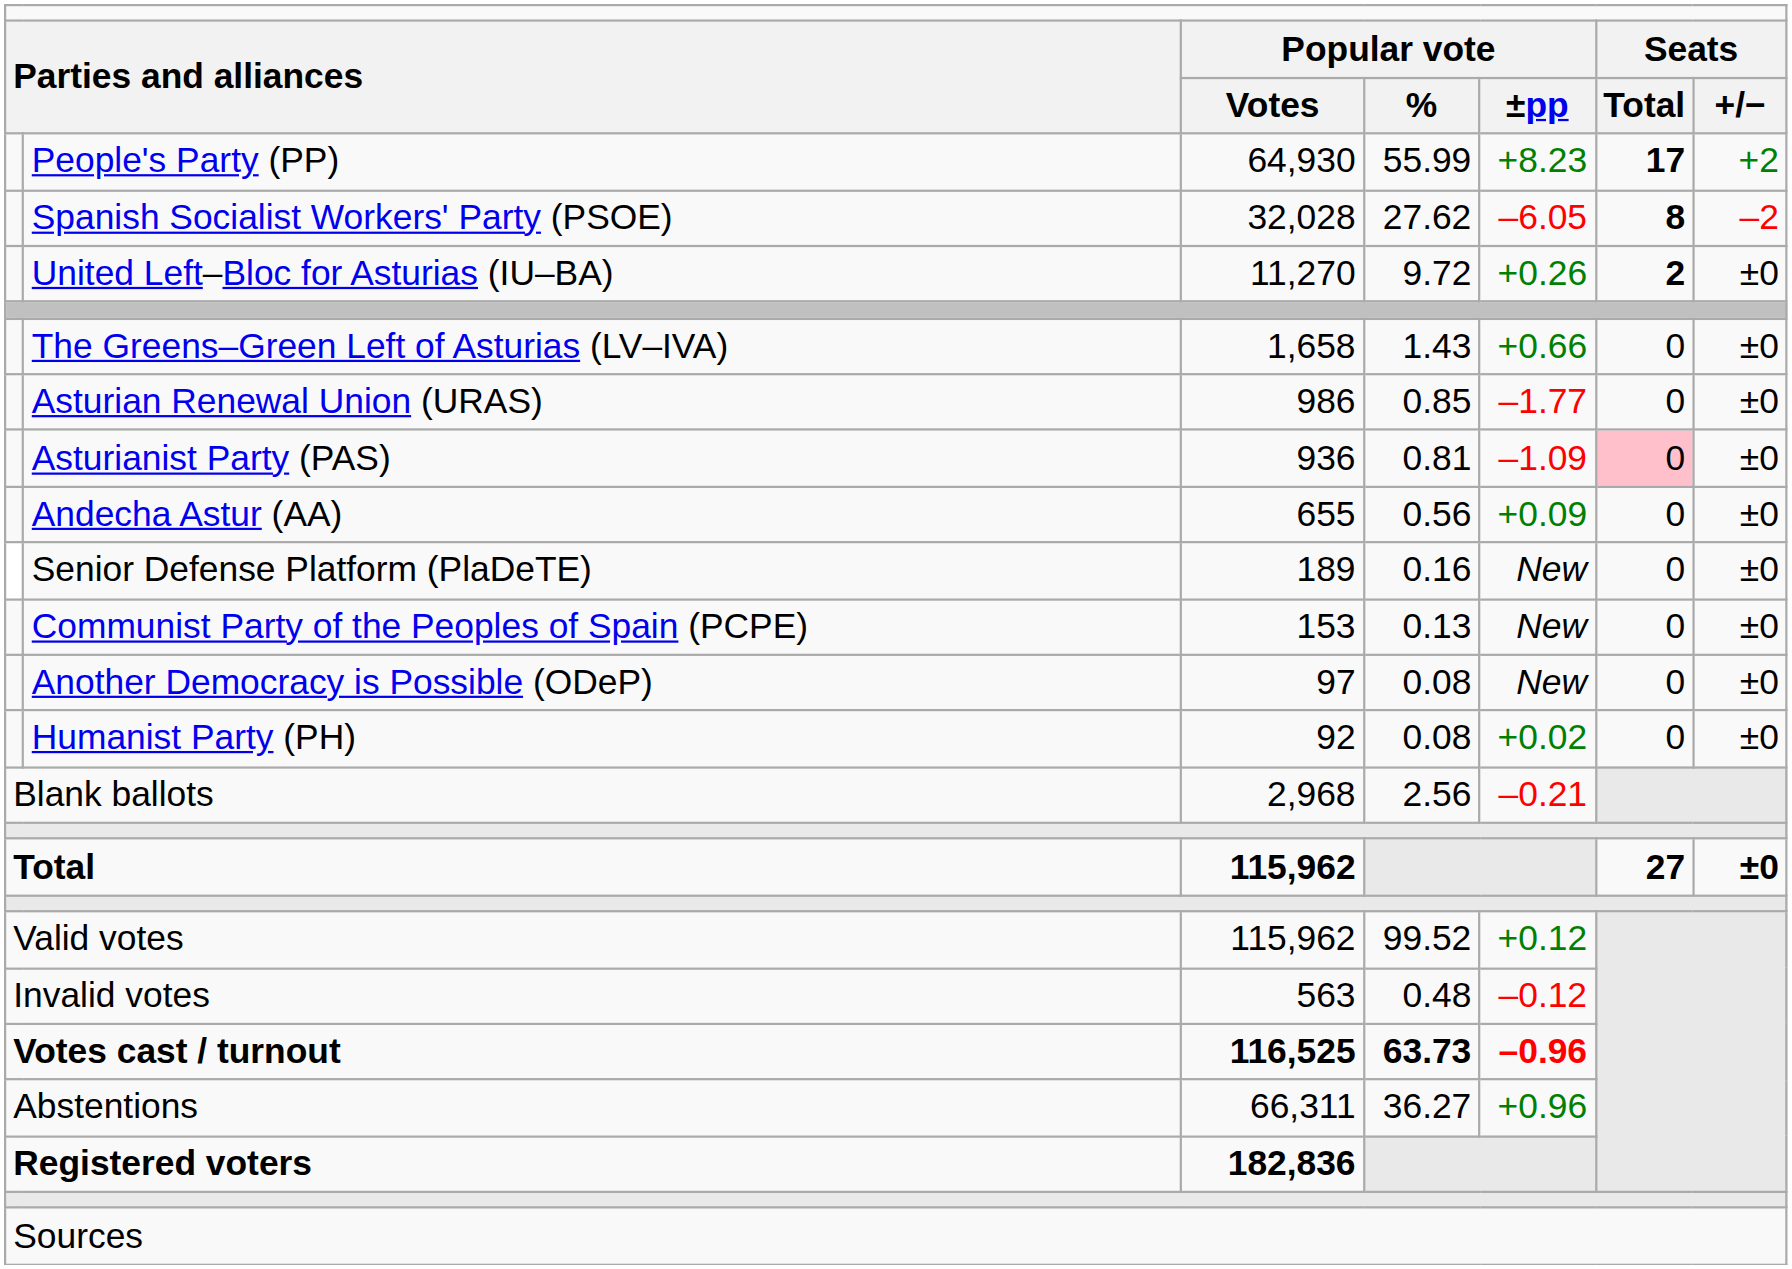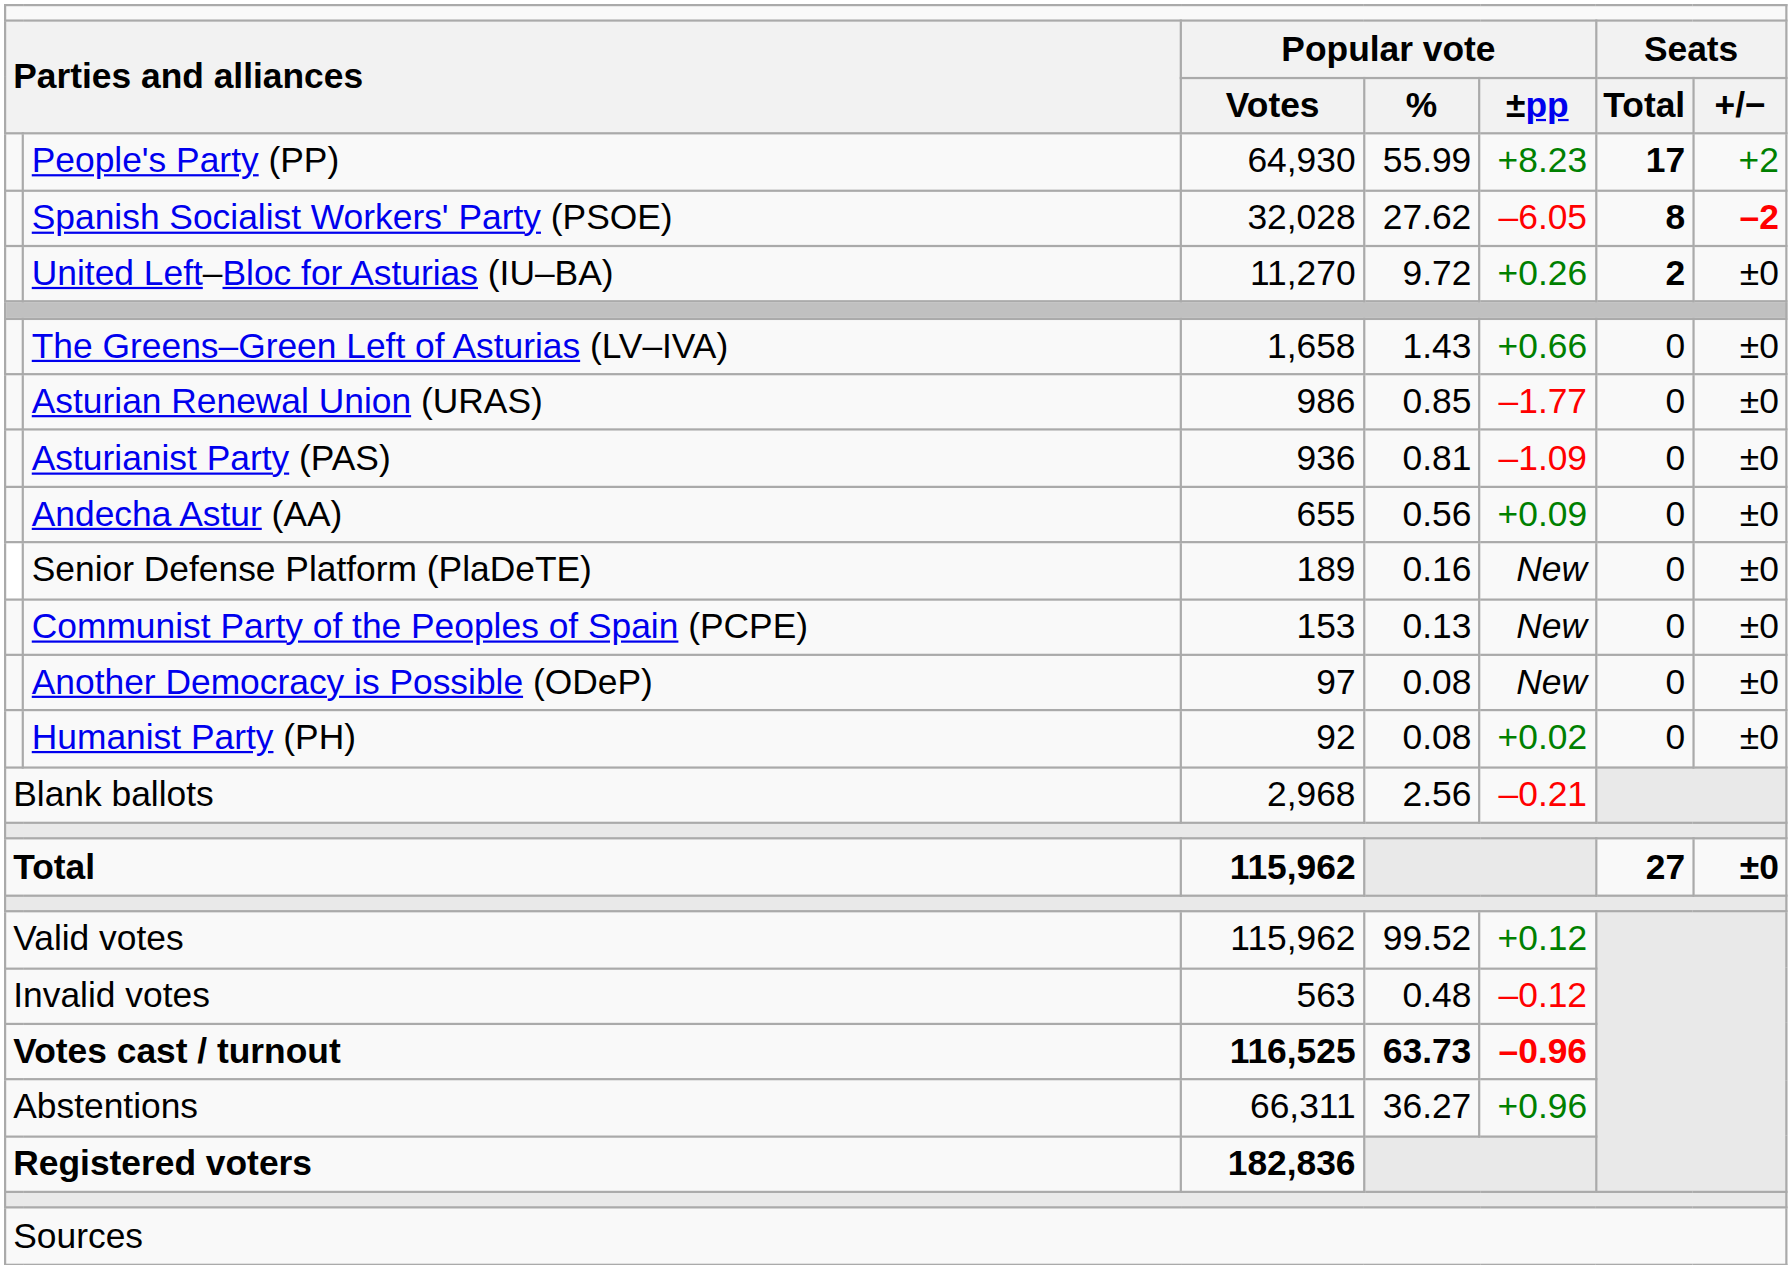 <table class="wikitable" style="text-align:right;">
 <tr>
 <td colspan="7"></td>
 </tr>
 <tr>
 <th style="text-align:left;" rowspan="2" colspan="2" width="525">Parties and alliances</th>
 <th colspan="3">Popular vote</th>
 <th colspan="2">Seats</th>
 </tr>
 <tr>
 <th width="75">Votes</th>
 <th width="45">%</th>
 <th width="45">±<a href='#'>pp</a></th>
 <th width="35">Total</th>
 <th width="35">+/−</th>
 </tr>
 <tr>
 <td width="1" style="color:inherit;background:"></td>
 <td align="left"><a href='#'>People's Party</a> (PP)</td>
 <td>64,930</td>
 <td>55.99</td>
 <td style="color:green;">+8.23</td>
 <td><strong>17</strong></td>
 <td style="color:green;">+2</td>
 </tr>
 <tr>
 <td style="color:inherit;background:"></td>
 <td align="left"><a href='#'>Spanish Socialist Workers' Party</a> (PSOE)</td>
 <td>32,028</td>
 <td>27.62</td>
 <td style="color:red;">–6.05</td>
 <td><strong>8</strong></td>
-<td style="color:red;">–2</td>
+<td style="color:red;"><strong>–2</strong></td>
 </tr>
 <tr>
 <td style="color:inherit;background:"></td>
 <td align="left"><a href='#'>United Left</a>–<a href='#'>Bloc for Asturias</a> (IU–BA)</td>
 <td>11,270</td>
 <td>9.72</td>
 <td style="color:green;">+0.26</td>
 <td><strong>2</strong></td>
 <td>±0</td>
 </tr>
 <tr>
 <td colspan="7" bgcolor="#C0C0C0"></td>
 </tr>
 <tr>
 <td style="color:inherit;background:"></td>
 <td align="left"><a href='#'>The Greens–Green Left of Asturias</a> (LV–IVA)</td>
 <td>1,658</td>
 <td>1.43</td>
 <td style="color:green;">+0.66</td>
 <td>0</td>
 <td>±0</td>
 </tr>
 <tr>
 <td style="color:inherit;background:"></td>
 <td align="left"><a href='#'>Asturian Renewal Union</a> (URAS)</td>
 <td>986</td>
 <td>0.85</td>
 <td style="color:red;">–1.77</td>
 <td>0</td>
 <td>±0</td>
 </tr>
 <tr>
 <td style="color:inherit;background:"></td>
 <td align="left"><a href='#'>Asturianist Party</a> (PAS)</td>
 <td>936</td>
 <td>0.81</td>
 <td style="color:red;">–1.09</td>
-<td style="background: pink;">0</td>
+<td>0</td>
 <td>±0</td>
 </tr>
 <tr>
 <td style="color:inherit;background:"></td>
 <td align="left"><a href='#'>Andecha Astur</a> (AA)</td>
 <td>655</td>
 <td>0.56</td>
 <td style="color:green;">+0.09</td>
 <td>0</td>
 <td>±0</td>
 </tr>
 <tr>
 <td bgcolor="white"></td>
 <td align="left">Senior Defense Platform (PlaDeTE)</td>
 <td>189</td>
 <td>0.16</td>
 <td><em>New</em></td>
 <td>0</td>
 <td>±0</td>
 </tr>
 <tr>
 <td style="color:inherit;background:"></td>
 <td align="left"><a href='#'>Communist Party of the Peoples of Spain</a> (PCPE)</td>
 <td>153</td>
 <td>0.13</td>
 <td><em>New</em></td>
 <td>0</td>
 <td>±0</td>
 </tr>
 <tr>
 <td style="color:inherit;background:"></td>
 <td align="left"><a href='#'>Another Democracy is Possible</a> (ODeP)</td>
 <td>97</td>
 <td>0.08</td>
 <td><em>New</em></td>
 <td>0</td>
 <td>±0</td>
 </tr>
 <tr>
 <td style="color:inherit;background:"></td>
 <td align="left"><a href='#'>Humanist Party</a> (PH)</td>
 <td>92</td>
 <td>0.08</td>
 <td style="color:green;">+0.02</td>
 <td>0</td>
 <td>±0</td>
 </tr>
 <tr>
 <td align="left" colspan="2">Blank ballots</td>
 <td>2,968</td>
 <td>2.56</td>
 <td style="color:red;">–0.21</td>
 <td bgcolor="#E9E9E9" colspan="2"></td>
 </tr>
 <tr>
 <td colspan="7" bgcolor="#E9E9E9"></td>
 </tr>
 <tr style="font-weight:bold;">
 <td align="left" colspan="2">Total</td>
 <td>115,962</td>
 <td bgcolor="#E9E9E9" colspan="2"></td>
 <td>27</td>
 <td>±0</td>
 </tr>
 <tr>
 <td colspan="7" bgcolor="#E9E9E9"></td>
 </tr>
 <tr>
 <td align="left" colspan="2">Valid votes</td>
 <td>115,962</td>
 <td>99.52</td>
 <td style="color:green;">+0.12</td>
 <td bgcolor="#E9E9E9" colspan="2" rowspan="5"></td>
 </tr>
 <tr>
 <td align="left" colspan="2">Invalid votes</td>
 <td>563</td>
 <td>0.48</td>
 <td style="color:red;">–0.12</td>
 </tr>
 <tr style="font-weight:bold;">
 <td align="left" colspan="2">Votes cast / turnout</td>
 <td>116,525</td>
 <td>63.73</td>
 <td style="color:red;">–0.96</td>
 </tr>
 <tr>
 <td align="left" colspan="2">Abstentions</td>
 <td>66,311</td>
 <td>36.27</td>
 <td style="color:green;">+0.96</td>
 </tr>
 <tr style="font-weight:bold;">
 <td align="left" colspan="2">Registered voters</td>
 <td>182,836</td>
 <td bgcolor="#E9E9E9" colspan="2"></td>
 </tr>
 <tr>
 <td colspan="7" bgcolor="#E9E9E9"></td>
 </tr>
 <tr>
 <td align="left" colspan="7">Sources</td>
 </tr>
 </table>
